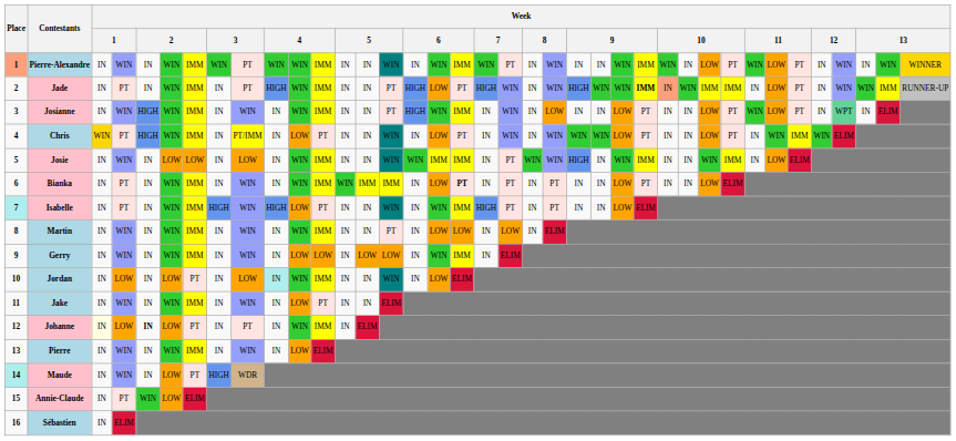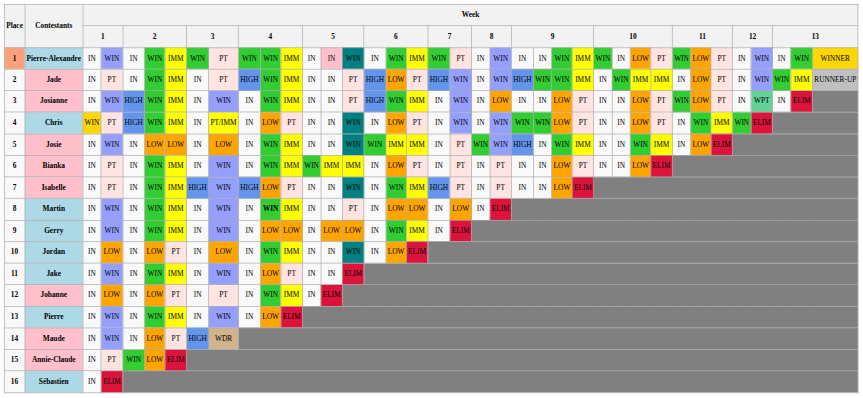 <table class="wikitable" style="text-align: center; font-size: 8pt; line-height:26px;">
 <tr>
 <th rowspan="2"><strong>Place</strong></th>
 <th rowspan="2"><strong>Contestants</strong></th>
 <th colspan="36"><strong>Week</strong></th>
 </tr>
 <tr>
 <th colspan="2"><strong>1</strong></th>
 <th colspan="3"><strong>2</strong></th>
 <th colspan="2"><strong>3</strong></th>
 <th colspan="3"><strong>4</strong></th>
 <th colspan="3"><strong>5</strong></th>
 <th colspan="3"><strong>6</strong></th>
 <th colspan="2"><strong>7</strong></th>
 <th colspan="2"><strong>8</strong></th>
 <th colspan="4"><strong>9</strong></th>
 <th colspan="4"><strong>10</strong></th>
 <th colspan="3"><strong>11</strong></th>
 <th colspan="2"><strong>12</strong></th>
 <th colspan="3"><strong>13</strong></th>
 </tr>
 <tr>
 <td style="background: lightsalmon;"><strong>1</strong></td>
 <td style="background:lightblue; white-space:nowrap;"><strong>Pierre-Alexandre</strong></td>
 <td>IN</td>
 <td style="background:#959FFD;">WIN</td>
 <td>IN</td>
 <td style="background:limegreen;">WIN</td>
 <td style="background:yellow;">IMM</td>
 <td style="background:limegreen;">WIN</td>
 <td style="background:mistyrose;">PT</td>
 <td style="background:limegreen;">WIN</td>
 <td style="background:limegreen;">WIN</td>
 <td style="background:yellow;">IMM</td>
 <td>IN</td>
-<td>IN</td>
+<td style="background: pink;">IN</td>
 <td style="background:teal;">WIN</td>
 <td>IN</td>
 <td style="background:limegreen;">WIN</td>
 <td style="background:yellow;">IMM</td>
 <td style="background:limegreen;">WIN</td>
 <td style="background:mistyrose;">PT</td>
 <td>IN</td>
 <td style="background:#959FFD;">WIN</td>
 <td>IN</td>
 <td>IN</td>
 <td style="background:limegreen;">WIN</td>
 <td style="background:yellow;">IMM</td>
 <td style="background:limegreen;">WIN</td>
 <td>IN</td>
 <td style="background:orange;">LOW</td>
 <td style="background:mistyrose;">PT</td>
 <td style="background:limegreen;">WIN</td>
 <td style="background:orange;">LOW</td>
 <td style="background:mistyrose;">PT</td>
 <td>IN</td>
 <td style="background:#959FFD;">WIN</td>
 <td>IN</td>
 <td style="background:limegreen;">WIN</td>
 <td style="background:gold;">WINNER</td>
 </tr>
 <tr>
 <td><strong>2</strong></td>
 <td style="background:pink;"><strong>Jade</strong></td>
 <td>IN</td>
 <td style="background:mistyrose;">PT</td>
 <td>IN</td>
 <td style="background:limegreen;">WIN</td>
 <td style="background:yellow;">IMM</td>
 <td>IN</td>
 <td style="background:mistyrose;">PT</td>
 <td style="background:cornflowerblue;">HIGH</td>
 <td style="background:limegreen;">WIN</td>
 <td style="background:yellow;">IMM</td>
 <td>IN</td>
 <td>IN</td>
 <td style="background:mistyrose;">PT</td>
 <td style="background:cornflowerblue;">HIGH</td>
 <td style="background:orange;">LOW</td>
 <td style="background:mistyrose;">PT</td>
 <td style="background:cornflowerblue;">HIGH</td>
 <td style="background:#959FFD;">WIN</td>
 <td>IN</td>
 <td style="background:#959FFD;">WIN</td>
 <td style="background:cornflowerblue;">HIGH</td>
 <td style="background:limegreen;">WIN</td>
 <td style="background:limegreen;">WIN</td>
-<td style="background:yellow;"><strong>IMM</strong></td>
-<td style="background: lightsalmon;">IN</td>
+<td style="background:yellow;">IMM</td>
+<td>IN</td>
 <td style="background:limegreen;">WIN</td>
 <td style="background:yellow;">IMM</td>
 <td style="background:yellow;">IMM</td>
 <td>IN</td>
 <td style="background:orange;">LOW</td>
 <td style="background:mistyrose;">PT</td>
 <td>IN</td>
 <td style="background:#959FFD;">WIN</td>
 <td style="background:limegreen;">WIN</td>
 <td style="background:yellow;">IMM</td>
 <td style="background:silver; white-space:nowrap;">RUNNER-UP</td>
 </tr>
 <tr>
 <td><strong>3</strong></td>
 <td style="background:pink;"><strong>Josianne</strong></td>
 <td>IN</td>
 <td style="background:#959FFD;">WIN</td>
 <td style="background:cornflowerblue;">HIGH</td>
 <td style="background:limegreen;">WIN</td>
 <td style="background:yellow;">IMM</td>
 <td>IN</td>
 <td style="background:#959FFD;">WIN</td>
 <td>IN</td>
 <td style="background:limegreen;">WIN</td>
 <td style="background:yellow;">IMM</td>
 <td>IN</td>
 <td>IN</td>
 <td style="background:mistyrose;">PT</td>
 <td style="background:cornflowerblue;">HIGH</td>
 <td style="background:limegreen;">WIN</td>
 <td style="background:yellow;">IMM</td>
 <td>IN</td>
 <td style="background:#959FFD;">WIN</td>
 <td>IN</td>
 <td style="background:orange;">LOW</td>
 <td>IN</td>
 <td>IN</td>
 <td style="background:orange;">LOW</td>
 <td style="background:mistyrose;">PT</td>
 <td>IN</td>
 <td>IN</td>
 <td style="background:orange;">LOW</td>
 <td style="background:mistyrose;">PT</td>
 <td style="background:limegreen;">WIN</td>
 <td style="background:orange;">LOW</td>
 <td style="background:mistyrose;">PT</td>
 <td>IN</td>
 <td style="background:#63d297;">WPT</td>
 <td>IN</td>
 <td style="background:crimson;">ELIM</td>
 <td style="background:grey;"></td>
 </tr>
 <tr>
 <td><strong>4</strong></td>
 <td style="background:lightblue;"><strong>Chris</strong></td>
 <td style="background:gold;">WIN</td>
 <td style="background:mistyrose;">PT</td>
 <td style="background:cornflowerblue;">HIGH</td>
 <td style="background:limegreen;">WIN</td>
 <td style="background:yellow;">IMM</td>
 <td>IN</td>
 <td style="background:yellow;">PT/IMM</td>
 <td>IN</td>
 <td style="background:orange;">LOW</td>
 <td style="background:mistyrose;">PT</td>
 <td>IN</td>
 <td>IN</td>
 <td style="background:teal;">WIN</td>
 <td>IN</td>
 <td style="background:orange;">LOW</td>
 <td style="background:mistyrose;">PT</td>
 <td>IN</td>
 <td style="background:#959FFD;">WIN</td>
 <td>IN</td>
 <td style="background:#959FFD;">WIN</td>
 <td style="background:limegreen;">WIN</td>
 <td style="background:limegreen;">WIN</td>
 <td style="background:orange;">LOW</td>
 <td style="background:mistyrose;">PT</td>
 <td>IN</td>
 <td>IN</td>
 <td style="background:orange;">LOW</td>
 <td style="background:mistyrose;">PT</td>
 <td>IN</td>
 <td style="background:limegreen;">WIN</td>
 <td style="background:yellow;">IMM</td>
 <td style="background:limegreen;">WIN</td>
 <td style="background:crimson;">ELIM</td>
 <td colspan="3" style="background:grey;"></td>
 </tr>
 <tr>
 <td><strong>5</strong></td>
 <td style="background:pink;"><strong>Josie</strong></td>
 <td>IN</td>
 <td style="background:#959FFD;">WIN</td>
 <td>IN</td>
 <td style="background:orange;">LOW</td>
 <td style="background:orange;">LOW</td>
 <td>IN</td>
 <td style="background:orange;">LOW</td>
 <td>IN</td>
 <td style="background:limegreen;">WIN</td>
 <td style="background:yellow;">IMM</td>
 <td>IN</td>
 <td>IN</td>
 <td style="background:teal;">WIN</td>
 <td style="background:limegreen;">WIN</td>
 <td style="background:yellow;">IMM</td>
 <td style="background:yellow;">IMM</td>
 <td>IN</td>
 <td style="background:mistyrose;">PT</td>
 <td style="background:limegreen;">WIN</td>
 <td style="background:#959FFD;">WIN</td>
 <td style="background:cornflowerblue;">HIGH</td>
 <td>IN</td>
 <td style="background:limegreen;">WIN</td>
 <td style="background:yellow;">IMM</td>
 <td>IN</td>
 <td>IN</td>
 <td style="background:limegreen;">WIN</td>
 <td style="background:yellow;">IMM</td>
 <td>IN</td>
 <td style="background:orange;">LOW</td>
 <td style="background:crimson;">ELIM</td>
 <td colspan="5" style="background:grey;"></td>
 </tr>
 <tr>
 <td><strong>6</strong></td>
 <td style="background:pink;"><strong>Bianka</strong></td>
 <td>IN</td>
 <td style="background:mistyrose;">PT</td>
 <td>IN</td>
 <td style="background:limegreen;">WIN</td>
 <td style="background:yellow;">IMM</td>
 <td>IN</td>
 <td style="background:#959FFD;">WIN</td>
 <td>IN</td>
 <td style="background:limegreen;">WIN</td>
 <td style="background:yellow;">IMM</td>
 <td style="background:limegreen;">WIN</td>
 <td style="background:yellow;">IMM</td>
 <td style="background:yellow;">IMM</td>
 <td>IN</td>
 <td style="background:orange;">LOW</td>
-<td style="background:mistyrose;"><strong>PT</strong></td>
+<td style="background:mistyrose;">PT</td>
 <td>IN</td>
 <td style="background:mistyrose;">PT</td>
 <td>IN</td>
 <td style="background:mistyrose;">PT</td>
 <td>IN</td>
 <td>IN</td>
 <td style="background:orange;">LOW</td>
 <td style="background:mistyrose;">PT</td>
 <td>IN</td>
 <td>IN</td>
 <td style="background:orange;">LOW</td>
 <td style="background:crimson;">ELIM</td>
 <td colspan="8" style="background:grey;"></td>
 </tr>
 <tr>
-<td style="background: paleturquoise;"><strong>7</strong></td>
+<td><strong>7</strong></td>
 <td style="background:pink;"><strong>Isabelle</strong></td>
 <td>IN</td>
 <td style="background:mistyrose;">PT</td>
 <td>IN</td>
 <td style="background:limegreen;">WIN</td>
 <td style="background:yellow;">IMM</td>
 <td style="background:cornflowerblue;">HIGH</td>
 <td style="background:#959FFD;">WIN</td>
 <td style="background:cornflowerblue;">HIGH</td>
 <td style="background:orange;">LOW</td>
 <td style="background:mistyrose;">PT</td>
 <td>IN</td>
 <td>IN</td>
 <td style="background:teal;">WIN</td>
 <td>IN</td>
 <td style="background:limegreen;">WIN</td>
 <td style="background:yellow;">IMM</td>
 <td style="background:cornflowerblue;">HIGH</td>
 <td style="background:mistyrose;">PT</td>
 <td>IN</td>
 <td style="background:mistyrose;">PT</td>
 <td>IN</td>
 <td>IN</td>
 <td style="background:orange;">LOW</td>
 <td style="background:crimson;">ELIM</td>
 <td colspan="12" style="background:grey;"></td>
 </tr>
 <tr>
 <td><strong>8</strong></td>
 <td style="background:lightblue;"><strong>Martin</strong></td>
 <td>IN</td>
 <td style="background:#959FFD;">WIN</td>
 <td>IN</td>
 <td style="background:limegreen;">WIN</td>
 <td style="background:yellow;">IMM</td>
 <td>IN</td>
 <td style="background:#959FFD;">WIN</td>
 <td>IN</td>
-<td style="background:limegreen;">WIN</td>
+<td style="background:limegreen;"><strong>WIN</strong></td>
 <td style="background:yellow;">IMM</td>
 <td>IN</td>
 <td>IN</td>
 <td style="background:mistyrose;">PT</td>
 <td>IN</td>
 <td style="background:orange;">LOW</td>
 <td style="background:orange;">LOW</td>
 <td>IN</td>
 <td style="background:orange;">LOW</td>
 <td>IN</td>
 <td style="background:crimson;">ELIM</td>
 <td colspan="16" style="background:grey;"></td>
 </tr>
 <tr>
 <td><strong>9</strong></td>
 <td style="background:lightblue;"><strong>Gerry</strong></td>
 <td>IN</td>
 <td style="background:#959FFD;">WIN</td>
 <td>IN</td>
 <td style="background:limegreen;">WIN</td>
 <td style="background:yellow;">IMM</td>
 <td>IN</td>
 <td style="background:#959FFD;">WIN</td>
 <td>IN</td>
 <td style="background:orange;">LOW</td>
 <td style="background:orange;">LOW</td>
 <td>IN</td>
 <td style="background:orange;">LOW</td>
 <td style="background:orange;">LOW</td>
 <td>IN</td>
 <td style="background:limegreen;">WIN</td>
 <td style="background:yellow;">IMM</td>
 <td>IN</td>
 <td style="background:crimson;">ELIM</td>
 <td colspan="18" style="background:grey;"></td>
 </tr>
 <tr>
 <td><strong>10</strong></td>
 <td style="background:lightblue;"><strong>Jordan</strong></td>
 <td>IN</td>
 <td style="background:orange;">LOW</td>
 <td>IN</td>
 <td style="background:orange;">LOW</td>
 <td style="background:mistyrose;">PT</td>
 <td>IN</td>
 <td style="background:orange;">LOW</td>
-<td style="background: paleturquoise;">IN</td>
+<td>IN</td>
 <td style="background:limegreen;">WIN</td>
 <td style="background:yellow;">IMM</td>
 <td>IN</td>
 <td>IN</td>
 <td style="background:teal;">WIN</td>
 <td>IN</td>
 <td style="background:orange;">LOW</td>
 <td style="background:crimson;">ELIM</td>
 <td colspan="20" style="background:grey;"></td>
 </tr>
 <tr>
 <td><strong>11</strong></td>
 <td style="background:lightblue;"><strong>Jake</strong></td>
 <td>IN</td>
 <td style="background:#959FFD;">WIN</td>
 <td>IN</td>
 <td style="background:limegreen;">WIN</td>
 <td style="background:yellow;">IMM</td>
 <td>IN</td>
 <td style="background:#959FFD;">WIN</td>
 <td>IN</td>
 <td style="background:orange;">LOW</td>
 <td style="background:mistyrose;">PT</td>
 <td>IN</td>
 <td>IN</td>
 <td style="background:crimson;">ELIM</td>
 <td colspan="23" style="background:grey;"></td>
 </tr>
 <tr>
 <td><strong>12</strong></td>
 <td style="background:pink;"><strong>Johanne</strong></td>
-<td style="background: lightyellow;">IN</td>
+<td>IN</td>
 <td style="background:orange;">LOW</td>
-<td><strong>IN</strong></td>
+<td>IN</td>
 <td style="background:orange;">LOW</td>
 <td style="background:mistyrose;">PT</td>
 <td>IN</td>
 <td style="background:mistyrose;">PT</td>
 <td>IN</td>
 <td style="background:limegreen;">WIN</td>
 <td style="background:yellow;">IMM</td>
 <td>IN</td>
 <td style="background:crimson;">ELIM</td>
 <td colspan="24" style="background:grey;"></td>
 </tr>
 <tr>
 <td><strong>13</strong></td>
 <td style="background:lightblue;"><strong>Pierre</strong></td>
 <td>IN</td>
 <td style="background:#959FFD;">WIN</td>
 <td>IN</td>
 <td style="background:limegreen;">WIN</td>
 <td style="background:yellow;">IMM</td>
 <td>IN</td>
 <td style="background:#959FFD;">WIN</td>
 <td>IN</td>
 <td style="background:orange;">LOW</td>
 <td style="background:crimson;">ELIM</td>
 <td colspan="26" style="background:grey;"></td>
 </tr>
 <tr>
-<td style="background: paleturquoise;"><strong>14</strong></td>
+<td><strong>14</strong></td>
 <td style="background:pink;"><strong>Maude</strong></td>
 <td>IN</td>
 <td style="background:#959FFD;">WIN</td>
 <td>IN</td>
 <td style="background:orange;">LOW</td>
 <td style="background:mistyrose;">PT</td>
 <td style="background:cornflowerblue;">HIGH</td>
 <td style="background:tan;">WDR</td>
 <td colspan="29" style="background:grey;"></td>
 </tr>
 <tr>
 <td><strong>15</strong></td>
 <td style="background:pink; white-space:nowrap;"><strong>Annie-Claude</strong></td>
 <td>IN</td>
 <td style="background:mistyrose;">PT</td>
 <td style="background:limegreen;">WIN</td>
 <td style="background:orange;">LOW</td>
 <td style="background:crimson;">ELIM</td>
 <td colspan="31" style="background:grey;"></td>
 </tr>
 <tr>
 <td><strong>16</strong></td>
 <td style="background:lightblue;"><strong>Sébastien</strong></td>
 <td>IN</td>
 <td style="background:crimson;">ELIM</td>
 <td colspan="34" style="background:grey;"></td>
 </tr>
 </table>
